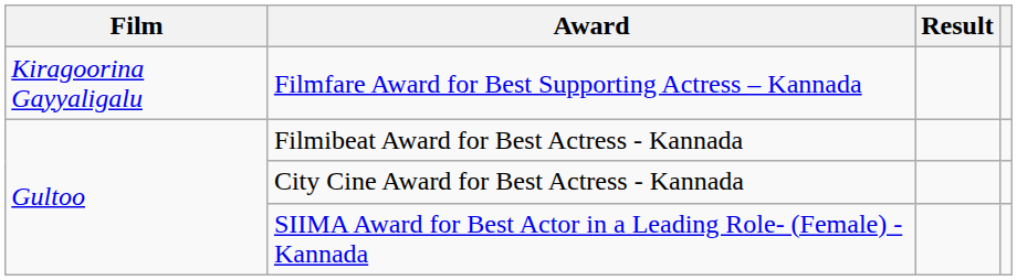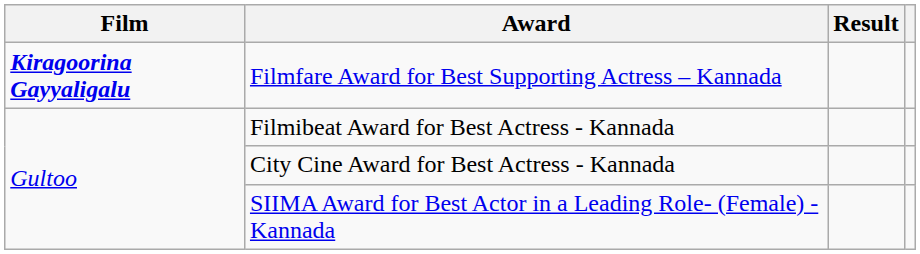 <table class="wikitable sortable">
 <tr>
 <th>Film</th>
 <th>Award</th>
 <th>Result</th>
 <th class="unsortable"></th>
 </tr>
 <tr>
-<td><em><a href='#'>Kiragoorina Gayyaligalu</a></em></td>
+<td><strong><em><a href='#'>Kiragoorina Gayyaligalu</a></em></strong></td>
 <td><a href='#'>Filmfare Award for Best Supporting Actress – Kannada</a></td>
 <td></td>
 <td></td>
 </tr>
 <tr>
 <td rowspan=3><em><a href='#'>Gultoo</a></em></td>
 <td>Filmibeat Award for Best Actress - Kannada</td>
 <td></td>
 <td></td>
 </tr>
 <tr>
 <td>City Cine Award for Best Actress - Kannada</td>
 <td></td>
 <td></td>
 </tr>
 <tr>
 <td><a href='#'>SIIMA Award for Best Actor in a Leading Role- (Female) -Kannada</a></td>
 <td></td>
 <td></td>
 </tr>
 </table>
